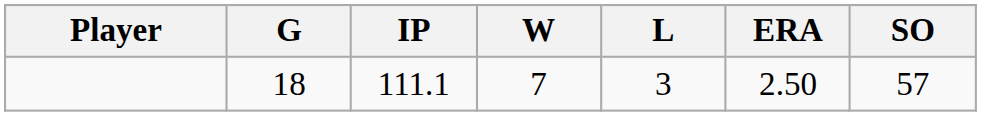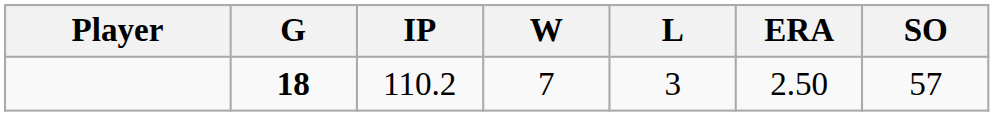 <table class="wikitable sortable">
 <tr>
 <th bgcolor="#DDDDFF" width="16%">Player</th>
 <th bgcolor="#DDDDFF" width="9%">G</th>
 <th bgcolor="#DDDDFF" width="9%">IP</th>
 <th bgcolor="#DDDDFF" width="9%">W</th>
 <th bgcolor="#DDDDFF" width="9%">L</th>
 <th bgcolor="#DDDDFF" width="9%">ERA</th>
 <th bgcolor="#DDDDFF" width="9%">SO</th>
 </tr>
 <tr align="center">
 <td></td>
-<td>18</td>
-<td>111.1</td>
+<td><strong>18</strong></td>
+<td>110.2</td>
 <td>7</td>
 <td>3</td>
 <td>2.50</td>
 <td>57</td>
 </tr>
 </table>
